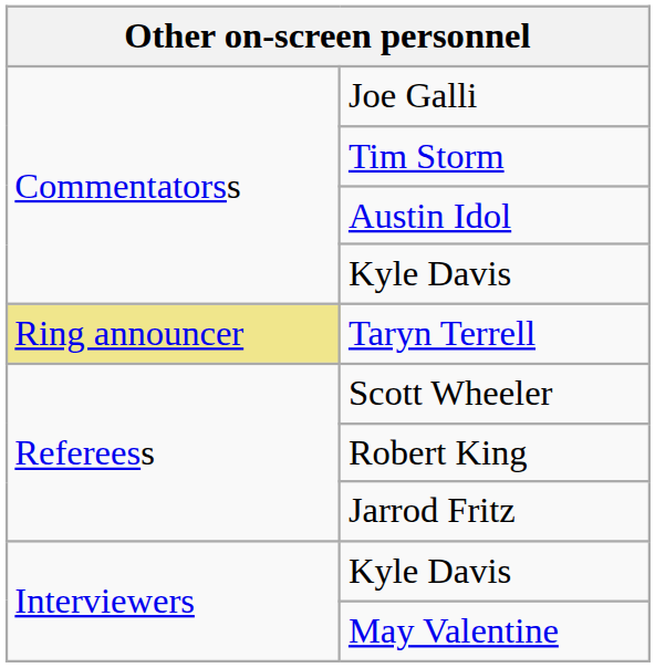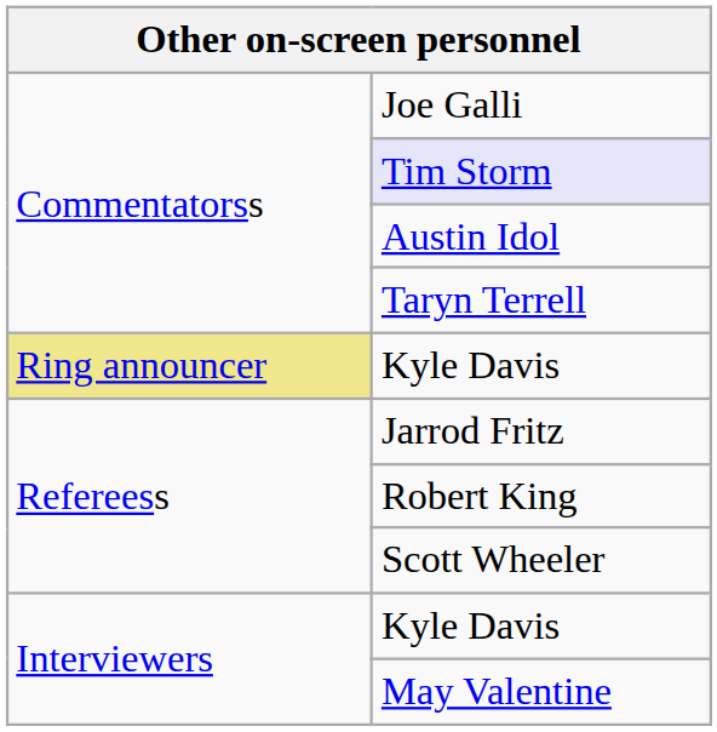 <table align="right" class="wikitable" style="border:1px; font-size:90%; margin-left:1em;">
 <tr>
 <th width="250" colspan="2"><strong>Other on-screen personnel</strong></th>
 </tr>
 <tr>
 <td rowspan="4"><a href='#'>Commentators</a>s</td>
 <td>Joe Galli</td>
 </tr>
 <tr>
-<td><a href='#'>Tim Storm</a></td>
+<td style="background: lavender;"><a href='#'>Tim Storm</a></td>
 </tr>
 <tr>
 <td><a href='#'>Austin Idol</a> </td>
 </tr>
 <tr>
+<td><a href='#'>Taryn Terrell</a> </td>
+</tr>
+<tr>
+<td rowspan="1" style="background: khaki;"><a href='#'>Ring announcer</a></td>
 <td>Kyle Davis</td>
 </tr>
 <tr>
-<td rowspan="1" style="background: khaki;"><a href='#'>Ring announcer</a></td>
-<td><a href='#'>Taryn Terrell</a> </td>
-</tr>
-<tr>
 <td rowspan="3"><a href='#'>Referees</a>s</td>
-<td>Scott Wheeler</td>
+<td>Jarrod Fritz</td>
 </tr>
 <tr>
 <td>Robert King</td>
 </tr>
 <tr>
-<td>Jarrod Fritz</td>
+<td>Scott Wheeler</td>
 </tr>
 <tr>
 <td rowspan="2"><a href='#'>Interviewers</a></td>
 <td>Kyle Davis</td>
 </tr>
 <tr>
 <td><a href='#'>May Valentine</a></td>
 </tr>
 </table>
